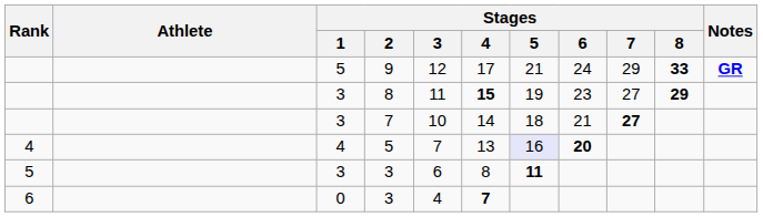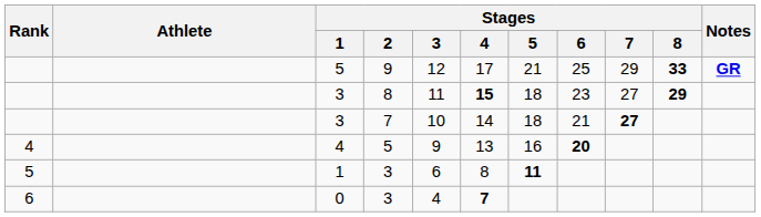 <table class="wikitable" style="text-align:center">
 <tr>
 <th rowspan=2 width=40>Rank</th>
 <th rowspan=2 width=250>Athlete</th>
 <th colspan=8>Stages</th>
 <th rowspan=2 width=45>Notes</th>
 </tr>
 <tr>
 <th width=40>1</th>
 <th width=40>2</th>
 <th width=40>3</th>
 <th width=40>4</th>
 <th width=40>5</th>
 <th width=40>6</th>
 <th width=40>7</th>
 <th width=40>8</th>
 </tr>
 <tr>
 <td></td>
 <td align=left></td>
 <td>5</td>
 <td>9</td>
 <td>12</td>
 <td>17</td>
 <td>21</td>
-<td>24</td>
+<td>25</td>
 <td>29</td>
 <td><strong>33</strong></td>
 <td><strong><a href='#'>GR</a></strong></td>
 </tr>
 <tr>
 <td></td>
 <td align=left></td>
 <td>3</td>
 <td>8</td>
 <td>11</td>
 <td><strong>15</strong></td>
-<td>19</td>
+<td>18</td>
 <td>23</td>
 <td>27</td>
 <td><strong>29</strong></td>
 <td></td>
 </tr>
 <tr>
 <td></td>
 <td align=left></td>
 <td>3</td>
 <td>7</td>
 <td>10</td>
 <td>14</td>
 <td>18</td>
 <td>21</td>
 <td><strong>27</strong></td>
 <td></td>
 <td></td>
 </tr>
 <tr>
 <td>4</td>
 <td align=left></td>
 <td>4</td>
 <td>5</td>
-<td>7</td>
+<td>9</td>
 <td>13</td>
-<td style="background: lavender;">16</td>
+<td>16</td>
 <td><strong>20</strong></td>
 <td></td>
 <td></td>
 <td></td>
 </tr>
 <tr>
 <td>5</td>
 <td align=left></td>
-<td>3</td>
+<td>1</td>
 <td>3</td>
 <td>6</td>
 <td>8</td>
 <td><strong>11</strong></td>
 <td></td>
 <td></td>
 <td></td>
 <td></td>
 </tr>
 <tr>
 <td>6</td>
 <td align=left></td>
 <td>0</td>
 <td>3</td>
 <td>4</td>
 <td><strong>7</strong></td>
 <td></td>
 <td></td>
 <td></td>
 <td></td>
 <td></td>
 </tr>
 </table>
